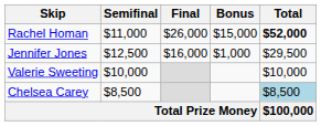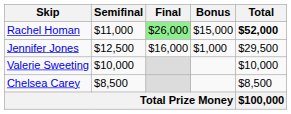 <table class="wikitable sortable">
 <tr>
 <th>Skip</th>
 <th>Semifinal</th>
 <th>Final</th>
 <th>Bonus</th>
 <th>Total</th>
 </tr>
 <tr>
 <td><a href='#'>Rachel Homan</a></td>
 <td>$11,000</td>
-<td>$26,000</td>
+<td style="background: lightgreen;">$26,000</td>
 <td>$15,000</td>
 <td><strong>$52,000</strong></td>
 </tr>
 <tr>
 <td><a href='#'>Jennifer Jones</a></td>
 <td>$12,500</td>
 <td>$16,000</td>
 <td>$1,000</td>
 <td>$29,500</td>
 </tr>
 <tr>
 <td><a href='#'>Valerie Sweeting</a></td>
 <td>$10,000</td>
 <td bgcolor=#DCDCDC></td>
 <td></td>
 <td>$10,000</td>
 </tr>
 <tr>
 <td><a href='#'>Chelsea Carey</a></td>
 <td>$8,500</td>
 <td bgcolor=#DCDCDC></td>
 <td></td>
-<td style="background: lightblue;">$8,500</td>
+<td>$8,500</td>
 </tr>
 <tr class=sortbottom>
 <th colspan=4 style="text-align:right;">Total Prize Money</th>
 <th><strong>$100,000</strong></th>
 </tr>
 </table>
